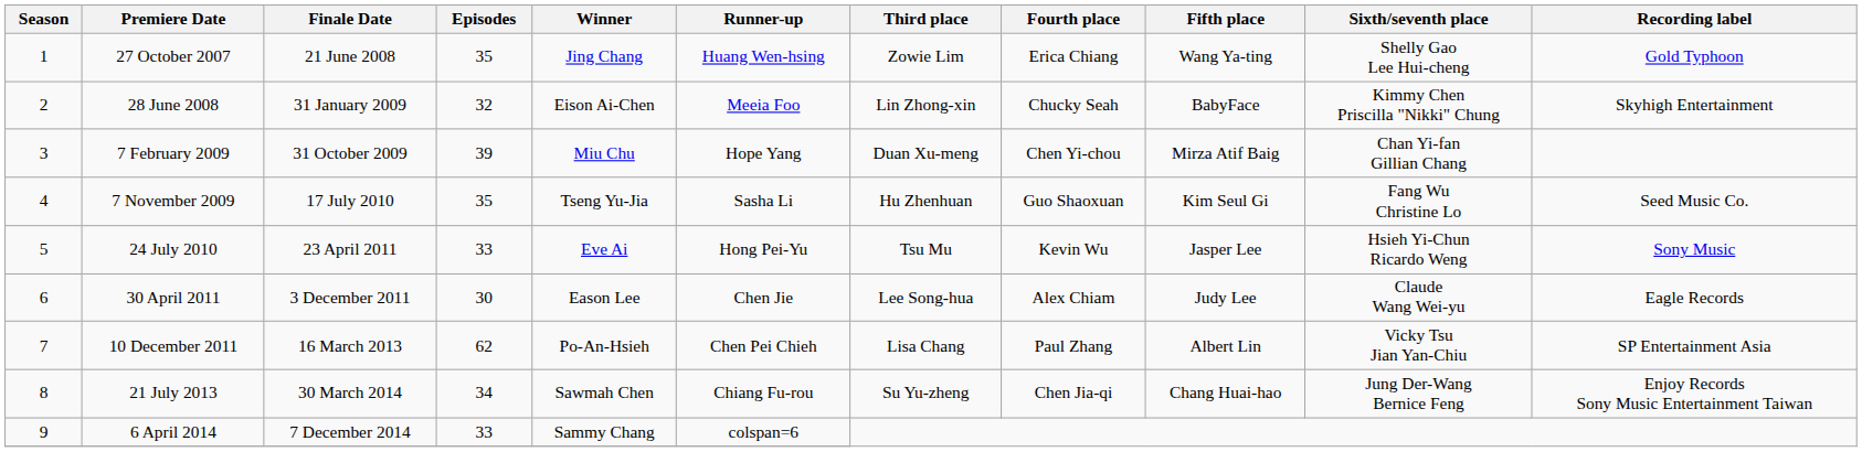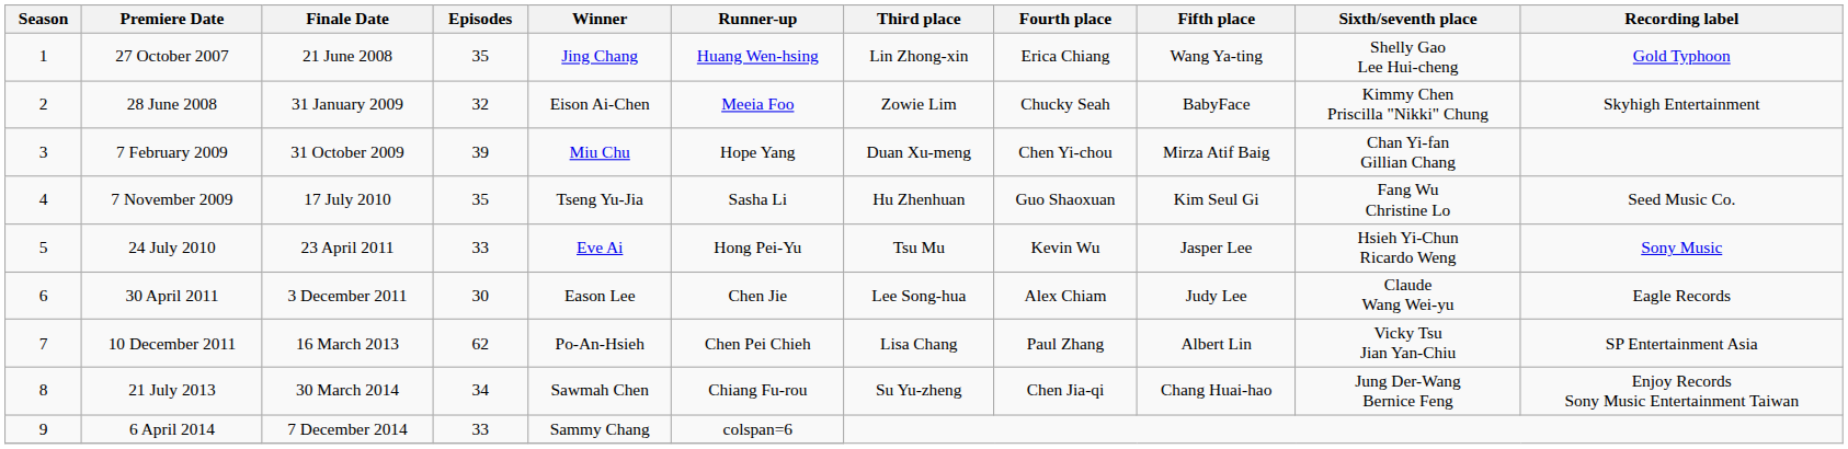 <table class="wikitable" style="text-align:center; font-size:90%;" width="99%";>
 <tr>
 <th>Season</th>
 <th>Premiere Date</th>
 <th>Finale Date</th>
 <th>Episodes</th>
 <th>Winner</th>
 <th>Runner-up</th>
 <th>Third place</th>
 <th>Fourth place</th>
 <th>Fifth place</th>
 <th>Sixth/seventh place</th>
 <th>Recording label</th>
 </tr>
 <tr>
 <td>1</td>
 <td>27 October 2007</td>
 <td>21 June 2008</td>
 <td>35</td>
 <td><a href='#'>Jing Chang</a></td>
 <td><a href='#'>Huang Wen-hsing</a></td>
-<td>Zowie Lim</td>
+<td>Lin Zhong-xin</td>
 <td>Erica Chiang</td>
 <td>Wang Ya-ting</td>
 <td>Shelly Gao<br>Lee Hui-cheng</td>
 <td><a href='#'>Gold Typhoon</a></td>
 </tr>
 <tr>
 <td>2</td>
 <td>28 June 2008</td>
 <td>31 January 2009</td>
 <td>32</td>
 <td>Eison Ai-Chen</td>
 <td><a href='#'>Meeia Foo</a></td>
-<td>Lin Zhong-xin</td>
+<td>Zowie Lim</td>
 <td>Chucky Seah</td>
 <td>BabyFace</td>
 <td>Kimmy Chen<br> Priscilla "Nikki" Chung</td>
 <td>Skyhigh Entertainment</td>
 </tr>
 <tr>
 <td>3</td>
 <td>7 February 2009</td>
 <td>31 October 2009</td>
 <td>39</td>
 <td><a href='#'>Miu Chu</a></td>
 <td>Hope Yang</td>
 <td>Duan Xu-meng</td>
 <td>Chen Yi-chou</td>
 <td>Mirza Atif Baig</td>
 <td>Chan Yi-fan<br> Gillian Chang</td>
 <td></td>
 </tr>
 <tr>
 <td>4</td>
 <td>7 November 2009</td>
 <td>17 July 2010</td>
 <td>35</td>
 <td>Tseng Yu-Jia</td>
 <td>Sasha Li</td>
 <td>Hu Zhenhuan</td>
 <td>Guo Shaoxuan</td>
 <td>Kim Seul Gi</td>
 <td>Fang Wu<br>Christine Lo</td>
 <td>Seed Music Co.</td>
 </tr>
 <tr>
 <td>5</td>
 <td>24 July 2010</td>
 <td>23 April 2011</td>
 <td>33</td>
 <td><a href='#'>Eve Ai</a></td>
 <td>Hong Pei-Yu</td>
 <td>Tsu Mu</td>
 <td>Kevin Wu</td>
 <td>Jasper Lee</td>
 <td>Hsieh Yi-Chun <br> Ricardo Weng</td>
 <td><a href='#'>Sony Music</a></td>
 </tr>
 <tr>
 <td>6</td>
 <td>30 April 2011</td>
 <td>3 December 2011</td>
 <td>30</td>
 <td>Eason Lee</td>
 <td>Chen Jie</td>
 <td>Lee Song-hua</td>
 <td>Alex Chiam</td>
 <td>Judy Lee</td>
 <td>Claude<br>Wang Wei-yu</td>
 <td>Eagle Records</td>
 </tr>
 <tr>
 <td>7</td>
 <td>10 December 2011</td>
 <td>16 March 2013</td>
 <td>62</td>
 <td>Po-An-Hsieh</td>
 <td>Chen Pei Chieh</td>
 <td>Lisa Chang</td>
 <td>Paul Zhang</td>
 <td>Albert Lin</td>
 <td>Vicky Tsu<br>Jian Yan-Chiu</td>
 <td>SP Entertainment Asia</td>
 </tr>
 <tr>
 <td>8</td>
 <td>21 July 2013</td>
 <td>30 March 2014</td>
 <td>34</td>
 <td>Sawmah Chen</td>
 <td>Chiang Fu-rou</td>
 <td>Su Yu-zheng</td>
 <td>Chen Jia-qi</td>
 <td>Chang Huai-hao</td>
 <td>Jung Der-Wang<br>Bernice Feng</td>
 <td>Enjoy Records<br>Sony Music Entertainment Taiwan</td>
 </tr>
 <tr>
 <td>9</td>
 <td>6 April 2014</td>
 <td>7 December 2014</td>
 <td>33</td>
 <td>Sammy Chang</td>
 <td>colspan=6 </td>
 </tr>
 <tr>
 </tr>
 </table>
